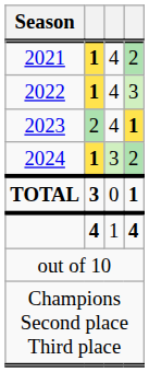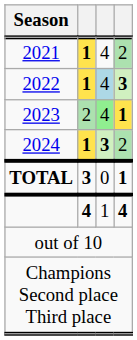 <table class="wikitable sortable" style="text-align:center; font-size:90%; float:right; margin-left:1em">
 <tr>
 <th>Season</th>
 <th></th>
 <th></th>
 <th></th>
 </tr>
 <tr style="border-top:3px solid black">
 </tr>
 <tr>
 <td><a href='#'>2021</a></td>
 <td style="background: #FFE34D;"><strong>1</strong></td>
 <td>4</td>
 <td style="background: #ACE1AF;">2</td>
 </tr>
 <tr>
 <td><a href='#'>2022</a></td>
 <td style="background: #FFE34D;"><strong>1</strong></td>
-<td>4</td>
-<td style="background: #D0F0C0;">3</td>
+<td style="background: lightblue;">4</td>
+<td style="background: #D0F0C0;"><strong>3</strong></td>
 </tr>
 <tr>
 <td><a href='#'>2023</a></td>
 <td style="background: #ACE1AF;">2</td>
-<td>4</td>
+<td style="background: lightgreen;">4</td>
 <td style="background: #FFE34D;"><strong>1</strong></td>
 </tr>
 <tr>
 <td><a href='#'>2024</a></td>
 <td style="background: #FFE34D;"><strong>1</strong></td>
-<td style="background: #D0F0C0;">3</td>
+<td style="background: #D0F0C0;"><strong>3</strong></td>
 <td style="background: #ACE1AF;">2</td>
 </tr>
 <tr>
 </tr>
 <tr style="border-top:3px solid black" class="sortbottom">
 <td><strong>TOTAL</strong></td>
 <td><strong>3</strong></td>
 <td>0</td>
 <td><strong>1</strong></td>
 </tr>
 <tr style="border-top:3px solid black" class="sortbottom">
 <td><strong></strong></td>
 <td><strong>4</strong></td>
 <td>1</td>
 <td><strong>4</strong></td>
 </tr>
 <tr class="sortbottom">
 <td colspan="4">out of 10</td>
 </tr>
 <tr class="sortbottom">
 <td colspan="4"> Champions<br> Second place<br> Third place</td>
 </tr>
 <tr style="border-top:3px solid black" class="sortbottom">
 </tr>
 </table>
